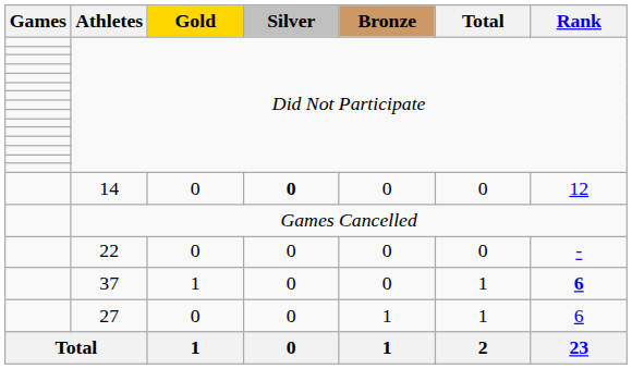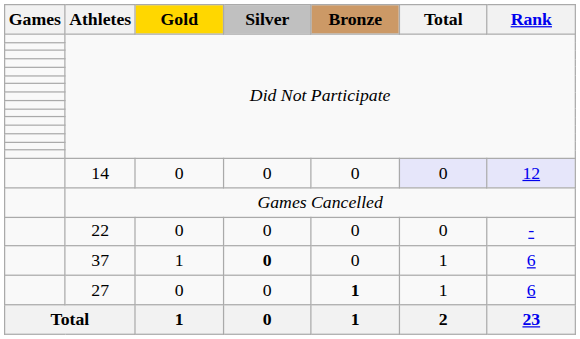 <table class="wikitable sortable" style="text-align:center; font-size:90%;">
 <tr>
 <th>Games</th>
 <th>Athletes</th>
 <th style="background:gold; width:4.5em; font-weight:bold;">Gold</th>
 <th style="background:silver; width:4.5em; font-weight:bold;">Silver</th>
 <th style="background:#cc9966; width:4.5em; font-weight:bold;">Bronze</th>
 <th style="width:4.5em; font-weight:bold;">Total</th>
 <th style="width:4.5em; font-weight:bold;"><a href='#'>Rank</a></th>
 </tr>
 <tr>
 <td align=left></td>
 <td rowspan=15 colspan=6><em>Did Not Participate</em></td>
 </tr>
 <tr>
 <td align=left></td>
 </tr>
 <tr>
 <td align=left></td>
 </tr>
 <tr>
 <td align=left></td>
 </tr>
 <tr>
 <td align=left></td>
 </tr>
 <tr>
 <td align=left></td>
 </tr>
 <tr>
 <td align=left></td>
 </tr>
 <tr>
 <td align=left></td>
 </tr>
 <tr>
 <td align=left></td>
 </tr>
 <tr>
 <td align=left></td>
 </tr>
 <tr>
 <td align=left></td>
 </tr>
 <tr>
 <td align=left></td>
 </tr>
 <tr>
 <td align=left></td>
 </tr>
 <tr>
 <td align=left></td>
 </tr>
 <tr>
 <td align=left></td>
 </tr>
 <tr>
 <td align=left></td>
 <td>14</td>
 <td>0</td>
-<td><strong>0</strong></td>
 <td>0</td>
 <td>0</td>
-<td><a href='#'>12</a></td>
+<td style="background: lavender;">0</td>
+<td style="background: lavender;"><a href='#'>12</a></td>
 </tr>
 <tr>
 <td align=left></td>
 <td rowspan=1 colspan=6><em>Games Cancelled</em></td>
 </tr>
 <tr>
 <td align=left></td>
 <td>22</td>
 <td>0</td>
 <td>0</td>
 <td>0</td>
 <td>0</td>
 <td><a href='#'>-</a></td>
 </tr>
 <tr>
 <td align=left></td>
 <td>37</td>
 <td>1</td>
-<td>0</td>
+<td><strong>0</strong></td>
 <td>0</td>
 <td>1</td>
-<td><strong><a href='#'>6</a></strong></td>
+<td><a href='#'>6</a></td>
 </tr>
 <tr>
 <td align=left></td>
 <td>27</td>
 <td>0</td>
 <td>0</td>
-<td>1</td>
+<td><strong>1</strong></td>
 <td>1</td>
 <td><a href='#'>6</a></td>
 </tr>
 <tr>
 <th colspan=2>Total</th>
 <th>1</th>
 <th>0</th>
 <th>1</th>
 <th>2</th>
 <th><a href='#'>23</a></th>
 </tr>
 </table>
